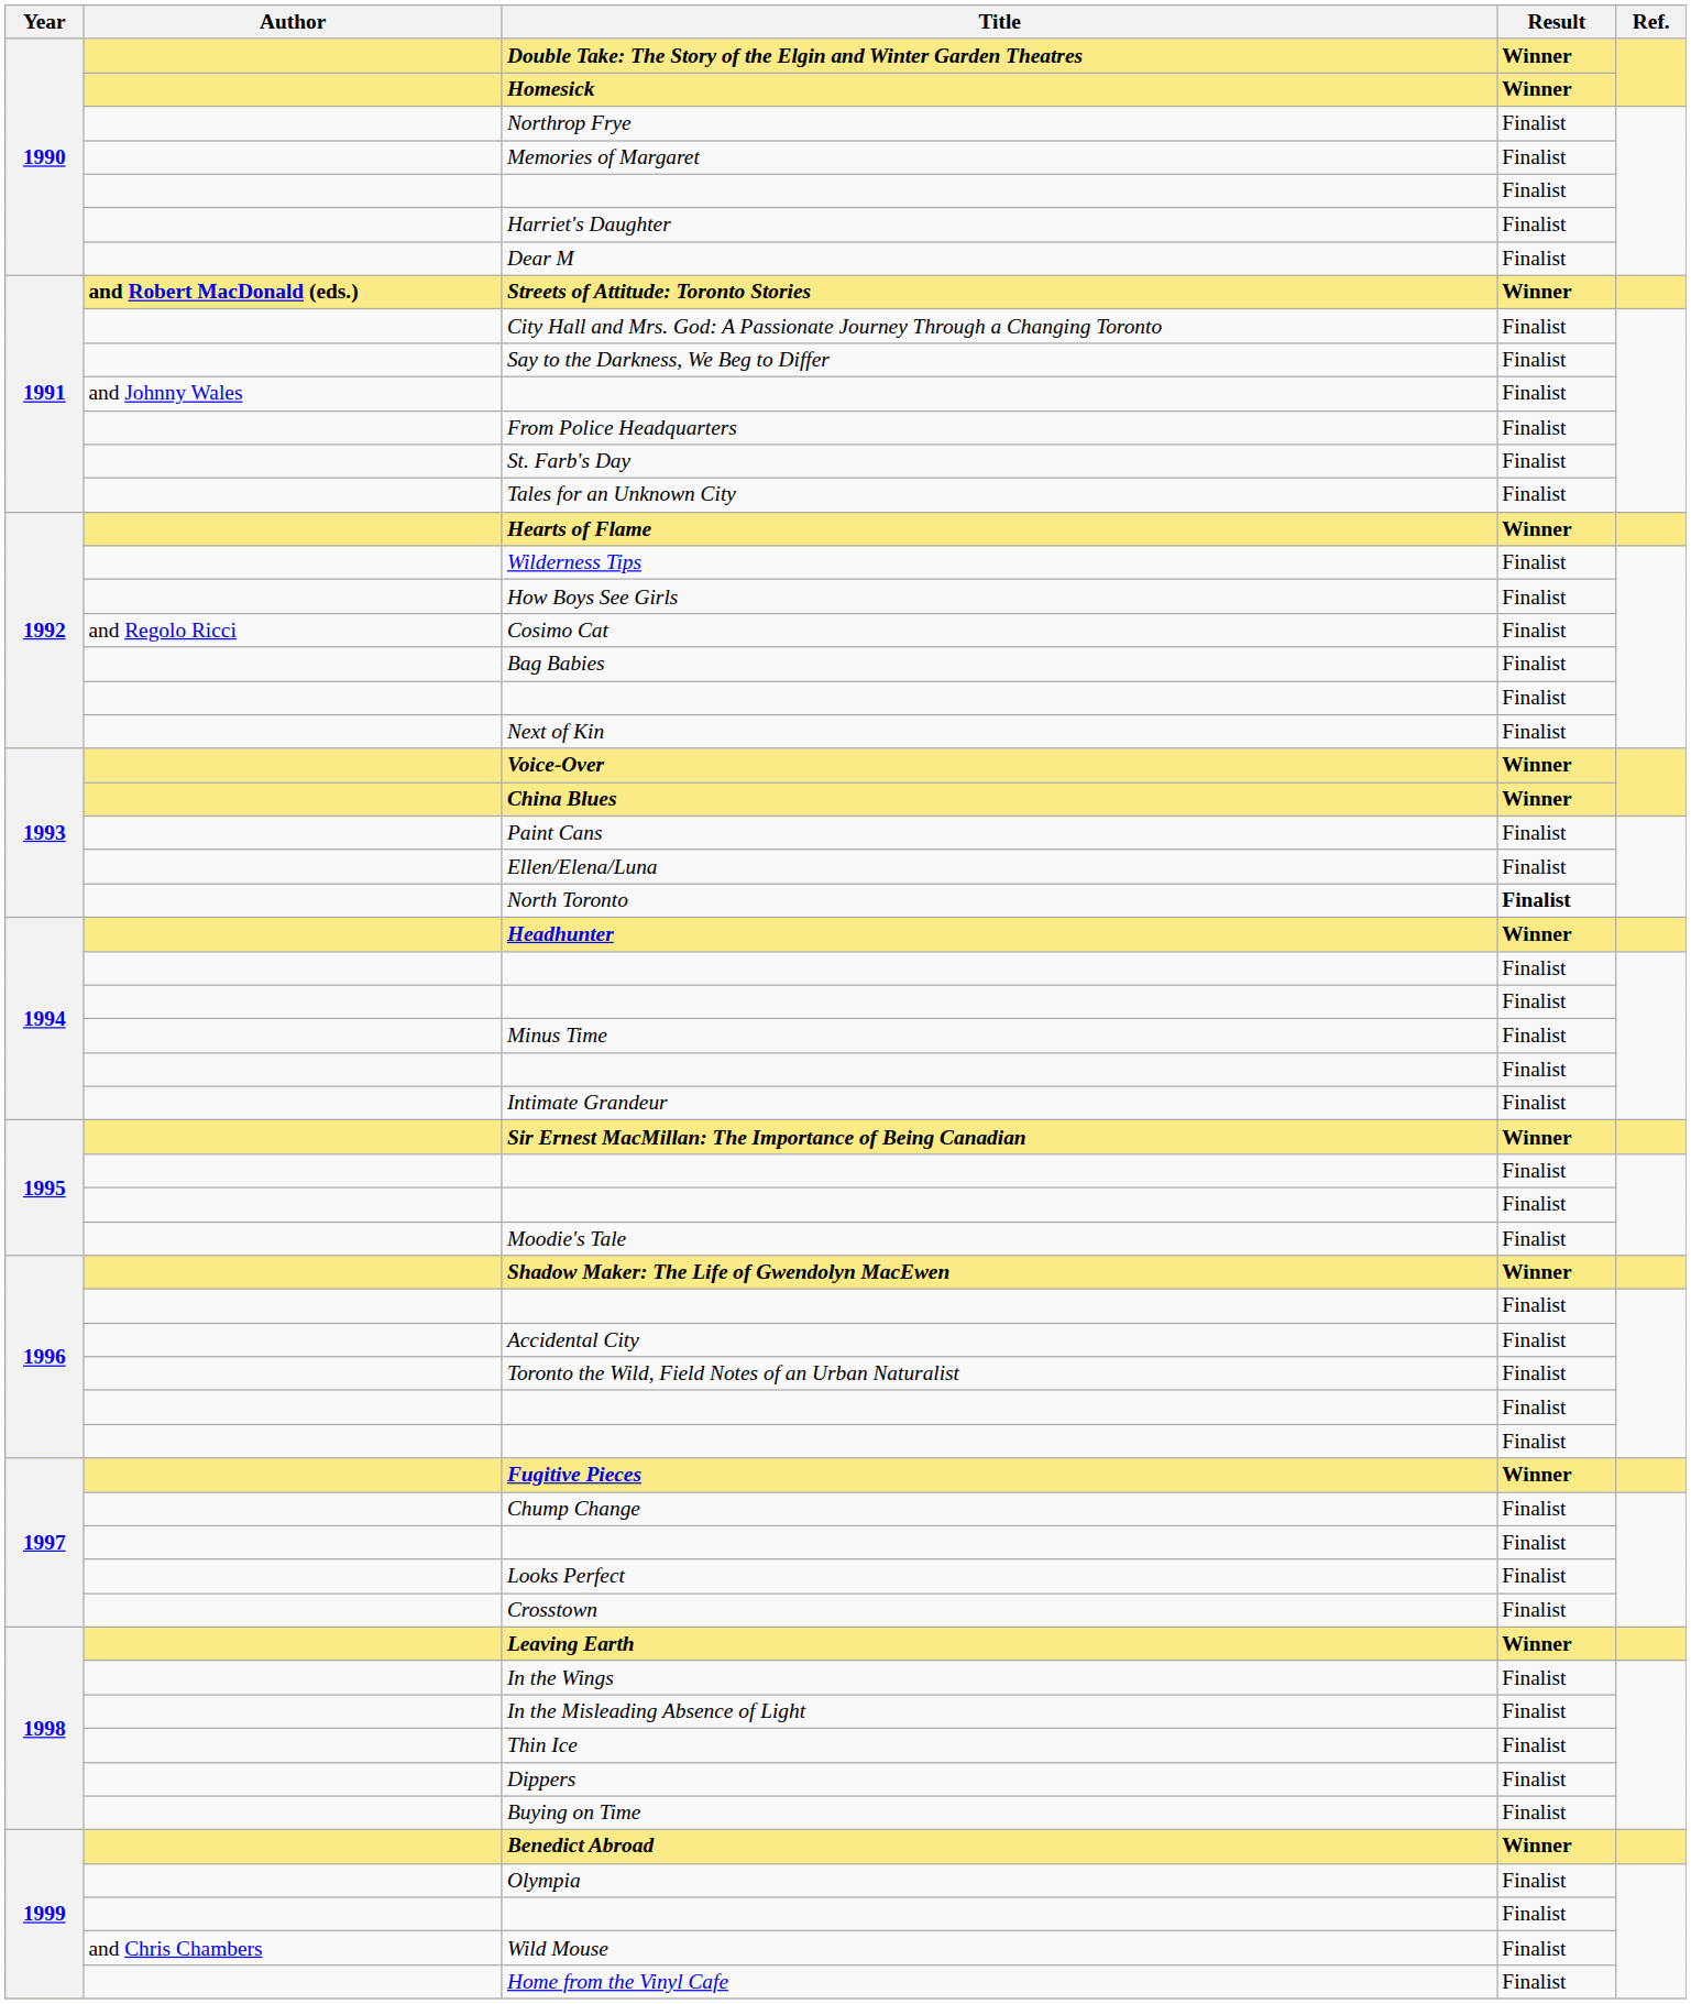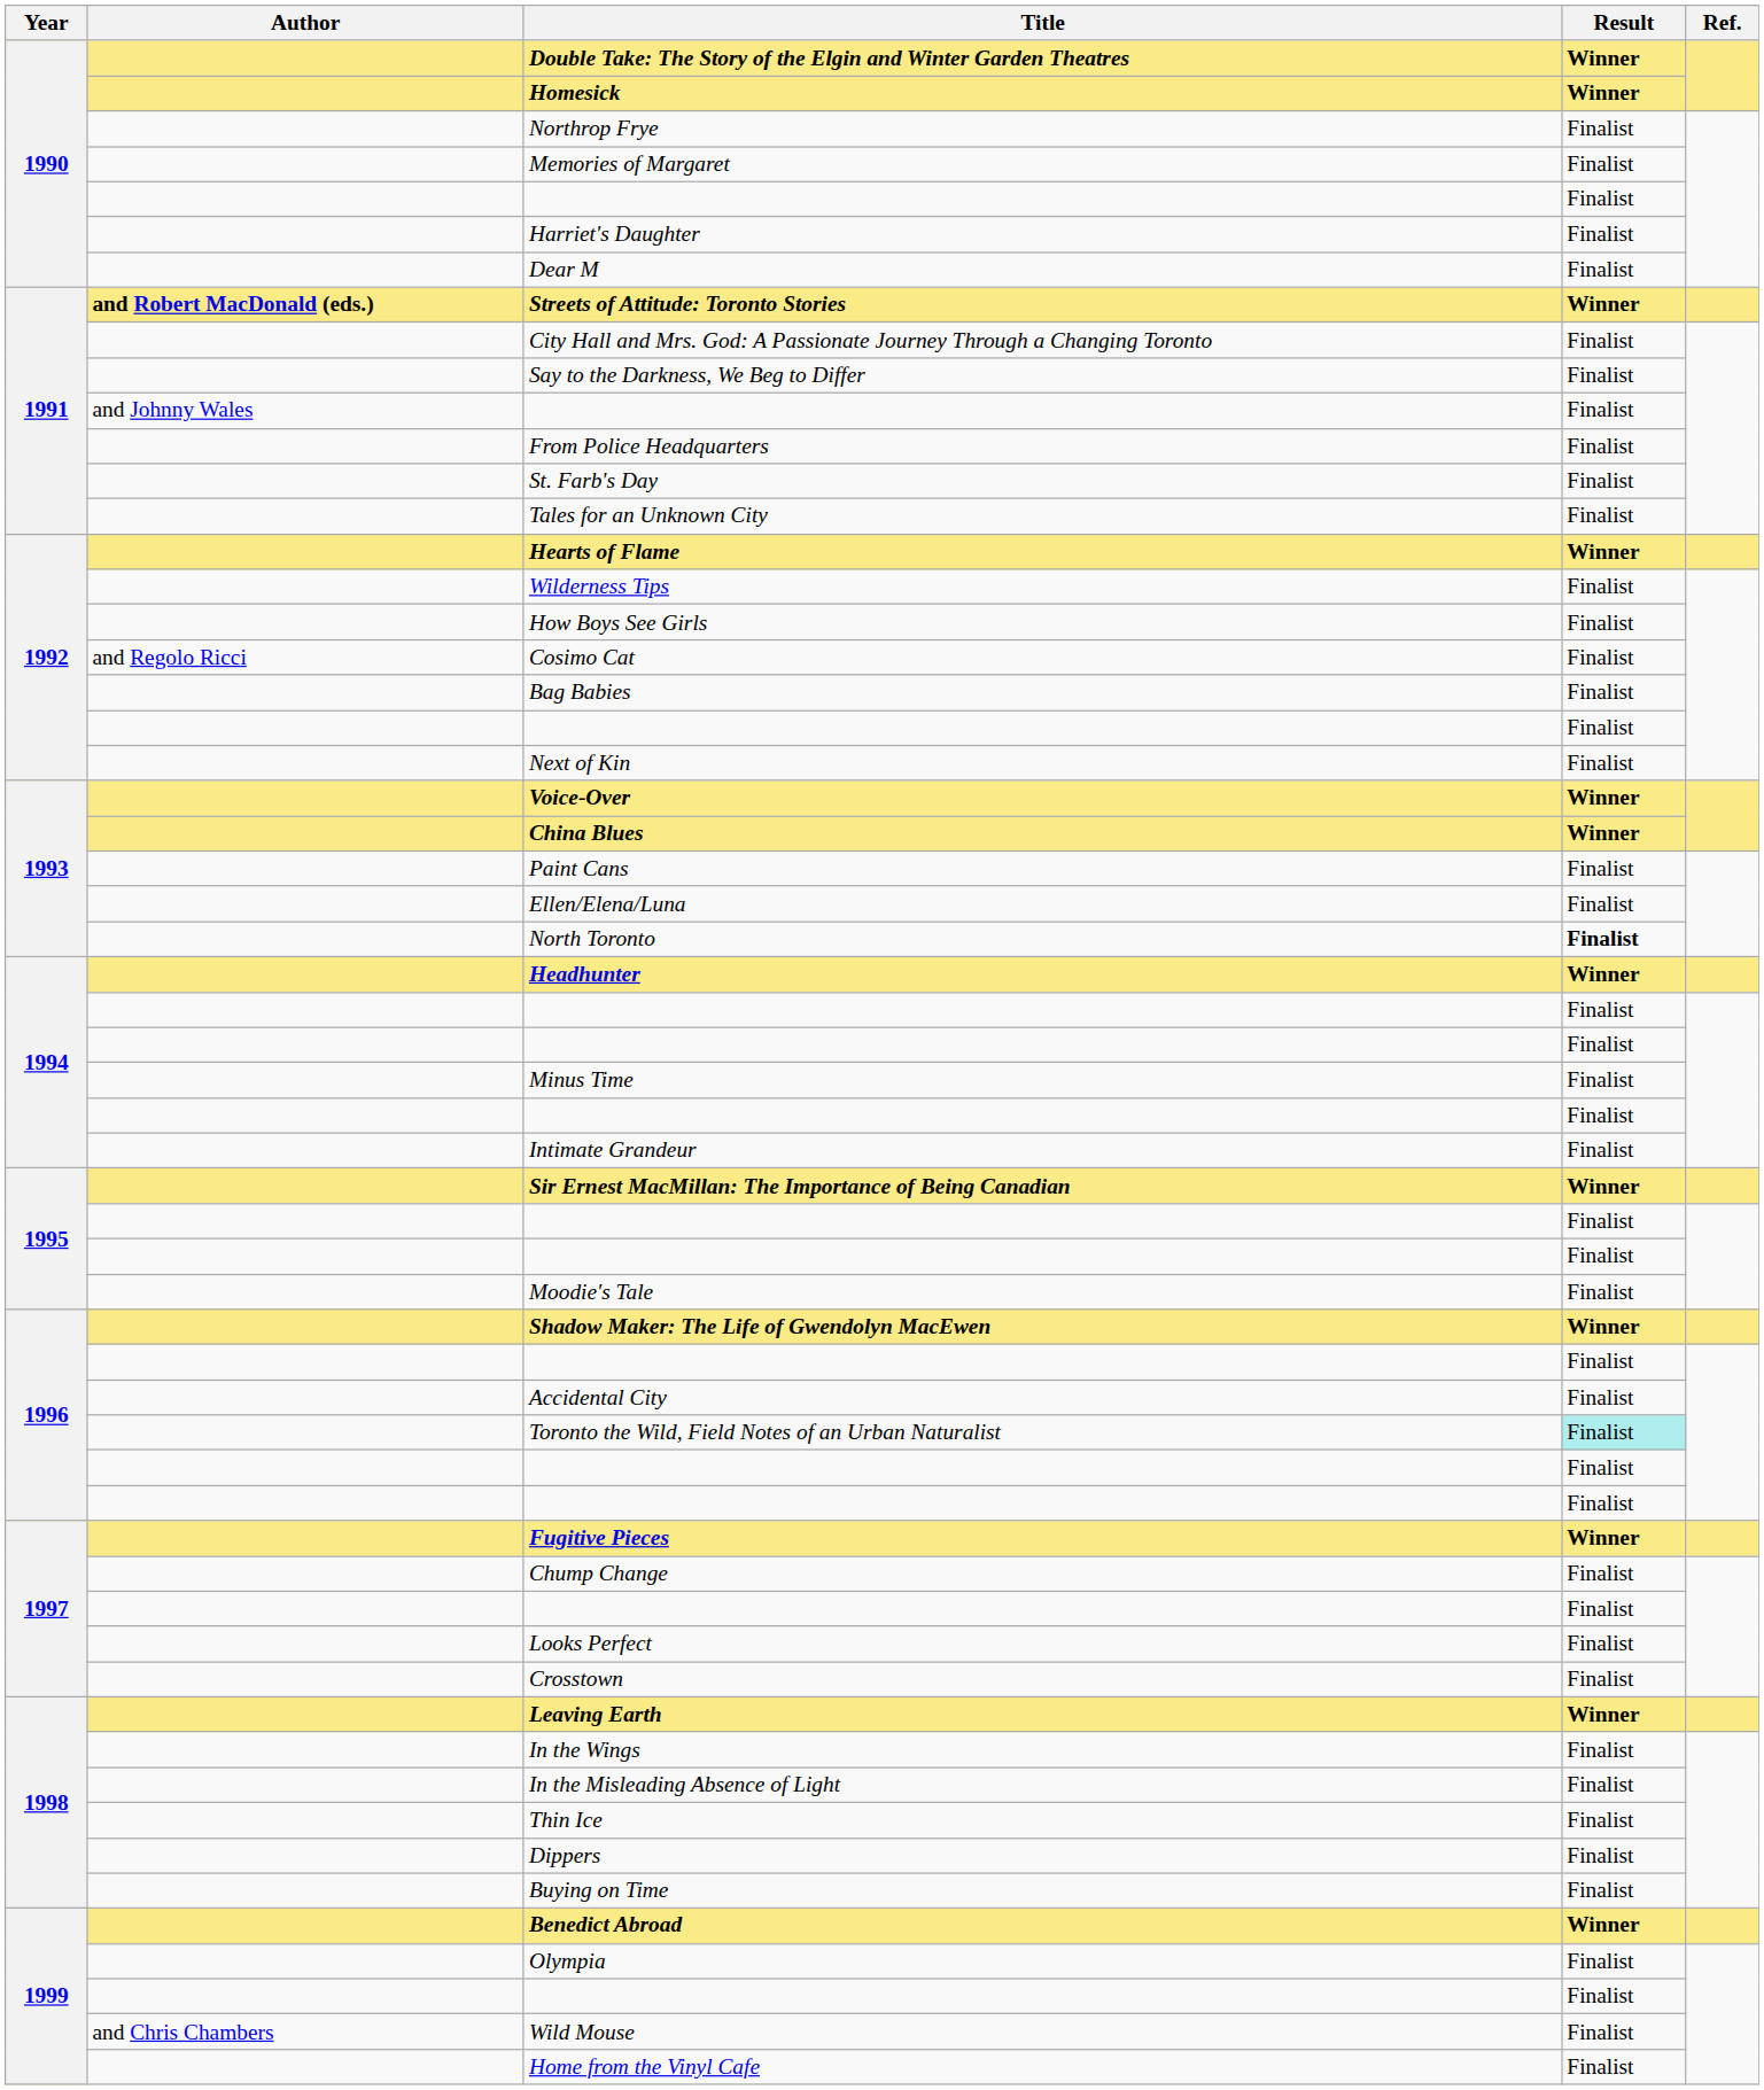 <table class="wikitable sortable mw-collapsible" width=100%>
 <tr>
 <th>Year</th>
 <th>Author</th>
 <th>Title</th>
 <th>Result</th>
 <th>Ref.</th>
 </tr>
 <tr style=background:#FAEB86>
 <th rowspan="7"><a href='#'>1990</a></th>
 <td><strong></strong></td>
 <td><strong><em>Double Take: The Story of the Elgin and Winter Garden Theatres</em></strong></td>
 <td><strong>Winner</strong></td>
 <td rowspan=2></td>
 </tr>
 <tr style=background:#FAEB86>
 <td><strong></strong></td>
 <td><strong><em>Homesick</em></strong></td>
 <td><strong>Winner</strong></td>
 </tr>
 <tr>
 <td></td>
 <td><em>Northrop Frye</em></td>
 <td>Finalist</td>
 <td rowspan=5></td>
 </tr>
 <tr>
 <td></td>
 <td><em>Memories of Margaret</em></td>
 <td>Finalist</td>
 </tr>
 <tr>
 <td></td>
 <td><em></em></td>
 <td>Finalist</td>
 </tr>
 <tr>
 <td></td>
 <td><em>Harriet's Daughter</em></td>
 <td>Finalist</td>
 </tr>
 <tr>
 <td></td>
 <td><em>Dear M</em></td>
 <td>Finalist</td>
 </tr>
 <tr style=background:#FAEB86>
 <th rowspan="7"><a href='#'>1991</a></th>
 <td><strong> and <a href='#'>Robert MacDonald</a> (eds.)</strong></td>
 <td><strong><em>Streets of Attitude: Toronto Stories</em></strong></td>
 <td><strong>Winner</strong></td>
 <td></td>
 </tr>
 <tr>
 <td></td>
 <td><em>City Hall and Mrs. God: A Passionate Journey Through a Changing Toronto</em></td>
 <td>Finalist</td>
 <td rowspan=6></td>
 </tr>
 <tr>
 <td></td>
 <td><em>Say to the Darkness, We Beg to Differ</em></td>
 <td>Finalist</td>
 </tr>
 <tr>
 <td> and <a href='#'>Johnny Wales</a></td>
 <td><em></em></td>
 <td>Finalist</td>
 </tr>
 <tr>
 <td></td>
 <td><em>From Police Headquarters</em></td>
 <td>Finalist</td>
 </tr>
 <tr>
 <td></td>
 <td><em>St. Farb's Day</em></td>
 <td>Finalist</td>
 </tr>
 <tr>
 <td></td>
 <td><em>Tales for an Unknown City</em></td>
 <td>Finalist</td>
 </tr>
 <tr style=background:#FAEB86>
 <th rowspan="7"><a href='#'>1992</a></th>
 <td><strong></strong></td>
 <td><strong><em>Hearts of Flame</em></strong></td>
 <td><strong>Winner</strong></td>
 <td></td>
 </tr>
 <tr>
 <td></td>
 <td><em><a href='#'>Wilderness Tips</a></em></td>
 <td>Finalist</td>
 <td rowspan=6></td>
 </tr>
 <tr>
 <td></td>
 <td><em>How Boys See Girls</em></td>
 <td>Finalist</td>
 </tr>
 <tr>
 <td> and <a href='#'>Regolo Ricci</a></td>
 <td><em>Cosimo Cat</em></td>
 <td>Finalist</td>
 </tr>
 <tr>
 <td></td>
 <td><em>Bag Babies</em></td>
 <td>Finalist</td>
 </tr>
 <tr>
 <td></td>
 <td><em></em></td>
 <td>Finalist</td>
 </tr>
 <tr>
 <td></td>
 <td><em>Next of Kin</em></td>
 <td>Finalist</td>
 </tr>
 <tr style=background:#FAEB86>
 <th rowspan="5"><a href='#'>1993</a></th>
 <td><strong></strong></td>
 <td><strong><em>Voice-Over</em></strong></td>
 <td><strong>Winner</strong></td>
 <td rowspan=2></td>
 </tr>
 <tr style=background:#FAEB86>
 <td><strong></strong></td>
 <td><strong><em>China Blues</em></strong></td>
 <td><strong>Winner</strong></td>
 </tr>
 <tr>
 <td></td>
 <td><em>Paint Cans</em></td>
 <td>Finalist</td>
 <td rowspan=3></td>
 </tr>
 <tr>
 <td></td>
 <td><em>Ellen/Elena/Luna</em></td>
 <td>Finalist</td>
 </tr>
 <tr>
 <td></td>
 <td><em>North Toronto</em></td>
 <td><strong>Finalist</strong></td>
 </tr>
 <tr style=background:#FAEB86>
 <th rowspan="6"><a href='#'>1994</a></th>
 <td><strong></strong></td>
 <td><strong><em><a href='#'>Headhunter</a></em></strong></td>
 <td><strong>Winner</strong></td>
 <td></td>
 </tr>
 <tr>
 <td></td>
 <td><em></em></td>
 <td>Finalist</td>
 <td rowspan=5></td>
 </tr>
 <tr>
 <td></td>
 <td><em></em></td>
 <td>Finalist</td>
 </tr>
 <tr>
 <td></td>
 <td><em>Minus Time</em></td>
 <td>Finalist</td>
 </tr>
 <tr>
 <td></td>
 <td><em></em></td>
 <td>Finalist</td>
 </tr>
 <tr>
 <td></td>
 <td><em>Intimate Grandeur</em></td>
 <td>Finalist</td>
 </tr>
 <tr style=background:#FAEB86>
 <th rowspan="4"><a href='#'>1995</a></th>
 <td><strong></strong></td>
 <td><strong><em>Sir Ernest MacMillan: The Importance of Being Canadian</em></strong></td>
 <td><strong>Winner</strong></td>
 <td></td>
 </tr>
 <tr>
 <td></td>
 <td><em></em></td>
 <td>Finalist</td>
 <td rowspan=3></td>
 </tr>
 <tr>
 <td></td>
 <td><em></em></td>
 <td>Finalist</td>
 </tr>
 <tr>
 <td></td>
 <td><em>Moodie's Tale</em></td>
 <td>Finalist</td>
 </tr>
 <tr style=background:#FAEB86>
 <th rowspan="6"><a href='#'>1996</a></th>
 <td><strong></strong></td>
 <td><strong><em>Shadow Maker: The Life of Gwendolyn MacEwen</em></strong></td>
 <td><strong>Winner</strong></td>
 <td></td>
 </tr>
 <tr>
 <td></td>
 <td><em></em></td>
 <td>Finalist</td>
 <td rowspan=5></td>
 </tr>
 <tr>
 <td></td>
 <td><em>Accidental City</em></td>
 <td>Finalist</td>
 </tr>
 <tr>
 <td></td>
 <td><em>Toronto the Wild, Field Notes of an Urban Naturalist</em></td>
-<td>Finalist</td>
+<td style="background: paleturquoise;">Finalist</td>
 </tr>
 <tr>
 <td></td>
 <td><em></em></td>
 <td>Finalist</td>
 </tr>
 <tr>
 <td></td>
 <td><em></em></td>
 <td>Finalist</td>
 </tr>
 <tr style=background:#FAEB86>
 <th rowspan="5"><a href='#'>1997</a></th>
 <td><strong></strong></td>
 <td><strong><em><a href='#'>Fugitive Pieces</a></em></strong></td>
 <td><strong>Winner</strong></td>
 <td></td>
 </tr>
 <tr>
 <td></td>
 <td><em>Chump Change</em></td>
 <td>Finalist</td>
 <td rowspan=4></td>
 </tr>
 <tr>
 <td></td>
 <td><em></em></td>
 <td>Finalist</td>
 </tr>
 <tr>
 <td></td>
 <td><em>Looks Perfect</em></td>
 <td>Finalist</td>
 </tr>
 <tr>
 <td></td>
 <td><em>Crosstown</em></td>
 <td>Finalist</td>
 </tr>
 <tr style=background:#FAEB86>
 <th rowspan="6"><a href='#'>1998</a></th>
 <td><strong></strong></td>
 <td><strong><em>Leaving Earth</em></strong></td>
 <td><strong>Winner</strong></td>
 <td></td>
 </tr>
 <tr>
 <td></td>
 <td><em>In the Wings</em></td>
 <td>Finalist</td>
 <td rowspan=5></td>
 </tr>
 <tr>
 <td></td>
 <td><em>In the Misleading Absence of Light</em></td>
 <td>Finalist</td>
 </tr>
 <tr>
 <td></td>
 <td><em>Thin Ice</em></td>
 <td>Finalist</td>
 </tr>
 <tr>
 <td></td>
 <td><em>Dippers</em></td>
 <td>Finalist</td>
 </tr>
 <tr>
 <td></td>
 <td><em>Buying on Time</em></td>
 <td>Finalist</td>
 </tr>
 <tr style=background:#FAEB86>
 <th rowspan="5"><a href='#'>1999</a></th>
 <td><strong></strong></td>
 <td><strong><em>Benedict Abroad</em></strong></td>
 <td><strong>Winner</strong></td>
 <td></td>
 </tr>
 <tr>
 <td></td>
 <td><em>Olympia</em></td>
 <td>Finalist</td>
 <td rowspan=4></td>
 </tr>
 <tr>
 <td></td>
 <td><em></em></td>
 <td>Finalist</td>
 </tr>
 <tr>
 <td> and <a href='#'>Chris Chambers</a></td>
 <td><em>Wild Mouse</em></td>
 <td>Finalist</td>
 </tr>
 <tr>
 <td></td>
 <td><em><a href='#'>Home from the Vinyl Cafe</a></em></td>
 <td>Finalist</td>
 </tr>
 </table>
